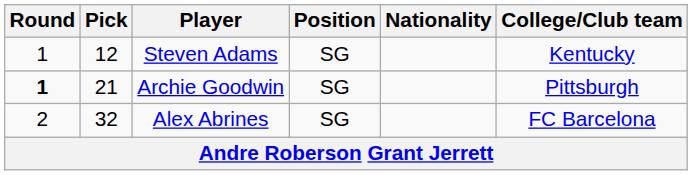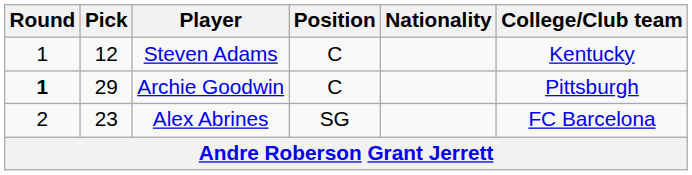 <table class="wikitable sortable sortable">
 <tr>
 <th>Round</th>
 <th>Pick</th>
 <th>Player</th>
 <th>Position</th>
 <th>Nationality</th>
 <th>College/Club team</th>
 </tr>
 <tr style="text-align: center">
 <td>1</td>
 <td>12</td>
 <td><a href='#'>Steven Adams</a></td>
-<td>SG</td>
+<td>C</td>
 <td></td>
 <td><a href='#'>Kentucky</a></td>
 </tr>
 <tr style="text-align: center">
 <td><strong>1</strong></td>
-<td>21</td>
+<td>29</td>
 <td><a href='#'>Archie Goodwin</a></td>
-<td>SG</td>
+<td>C</td>
 <td></td>
 <td><a href='#'>Pittsburgh</a></td>
 </tr>
 <tr style="text-align: center">
 <td>2</td>
-<td>32</td>
+<td>23</td>
 <td><a href='#'>Alex Abrines</a></td>
 <td>SG</td>
 <td></td>
 <td><a href='#'>FC Barcelona</a></td>
 </tr>
 <tr>
 <th scope="row" colspan="6" style="text-align:center;”"><a href='#'>Andre Roberson</a>  <a href='#'>Grant Jerrett</a> </th>
 </tr>
 </table>
